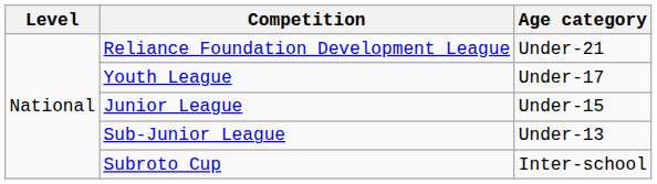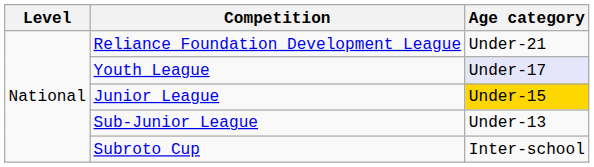 <table class=wikitable>
 <tr>
 <th>Level</th>
 <th>Competition</th>
 <th>Age category</th>
 </tr>
 <tr>
 <td rowspan="5">National</td>
 <td><a href='#'>Reliance Foundation Development League</a></td>
 <td>Under-21</td>
 </tr>
 <tr>
 <td><a href='#'>Youth League</a></td>
-<td>Under-17</td>
+<td style="background: lavender;">Under-17</td>
 </tr>
 <tr>
 <td><a href='#'>Junior League</a></td>
-<td>Under-15</td>
+<td style="background: gold;">Under-15</td>
 </tr>
 <tr>
 <td><a href='#'>Sub-Junior League</a></td>
 <td>Under-13</td>
 </tr>
 <tr>
 <td><a href='#'>Subroto Cup</a></td>
 <td Colspan=2>Inter-school</td>
 </tr>
 </table>
